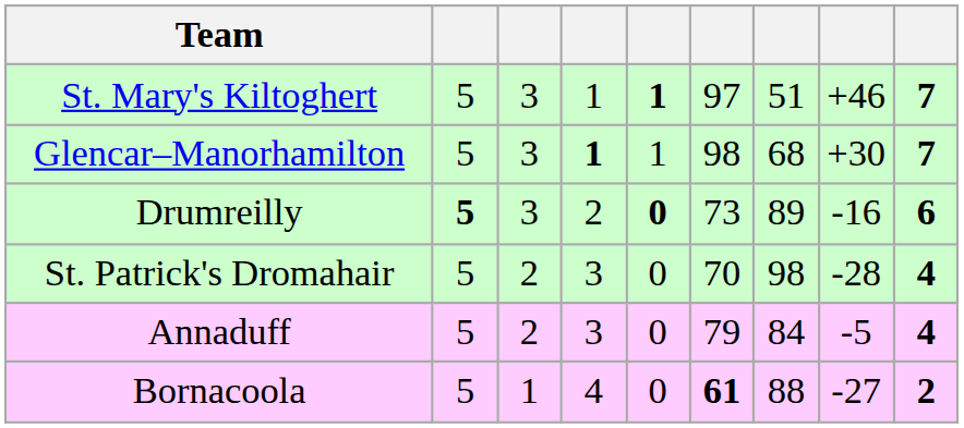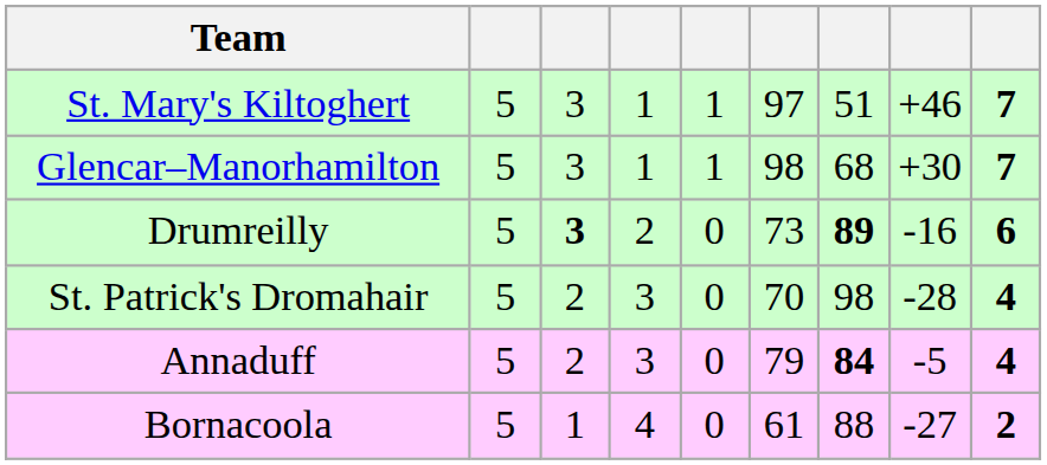 <table class="wikitable" style="text-align:center">
 <tr>
 <th style="width:175px;">Team</th>
 <th width="20"></th>
 <th width="20"></th>
 <th width="20"></th>
 <th width="20"></th>
 <th width="20"></th>
 <th width="20"></th>
 <th width="20"></th>
 <th width="20"></th>
 </tr>
 <tr style="background:#cfc;">
 <td><a href='#'>St. Mary's Kiltoghert</a></td>
 <td>5</td>
 <td>3</td>
 <td>1</td>
-<td><strong>1</strong></td>
+<td>1</td>
 <td>97</td>
 <td>51</td>
 <td>+46</td>
 <td><strong>7</strong></td>
 </tr>
 <tr style="background:#cfc;">
 <td><a href='#'>Glencar–Manorhamilton</a></td>
 <td>5</td>
 <td>3</td>
-<td><strong>1</strong></td>
+<td>1</td>
 <td>1</td>
 <td>98</td>
 <td>68</td>
 <td>+30</td>
 <td><strong>7</strong></td>
 </tr>
 <tr style="background:#cfc;">
 <td>Drumreilly</td>
-<td><strong>5</strong></td>
-<td>3</td>
+<td>5</td>
+<td><strong>3</strong></td>
 <td>2</td>
-<td><strong>0</strong></td>
+<td>0</td>
 <td>73</td>
-<td>89</td>
+<td><strong>89</strong></td>
 <td>-16</td>
 <td><strong>6</strong></td>
 </tr>
 <tr style="background:#cfc;">
 <td>St. Patrick's Dromahair</td>
 <td>5</td>
 <td>2</td>
 <td>3</td>
 <td>0</td>
 <td>70</td>
 <td>98</td>
 <td>-28</td>
 <td><strong>4</strong></td>
 </tr>
 <tr style="background:#fcf;">
 <td>Annaduff</td>
 <td>5</td>
 <td>2</td>
 <td>3</td>
 <td>0</td>
 <td>79</td>
-<td>84</td>
+<td><strong>84</strong></td>
 <td>-5</td>
 <td><strong>4</strong></td>
 </tr>
 <tr style="background:#fcf;">
 <td>Bornacoola</td>
 <td>5</td>
 <td>1</td>
 <td>4</td>
 <td>0</td>
-<td><strong>61</strong></td>
+<td>61</td>
 <td>88</td>
 <td>-27</td>
 <td><strong>2</strong></td>
 </tr>
 </table>
